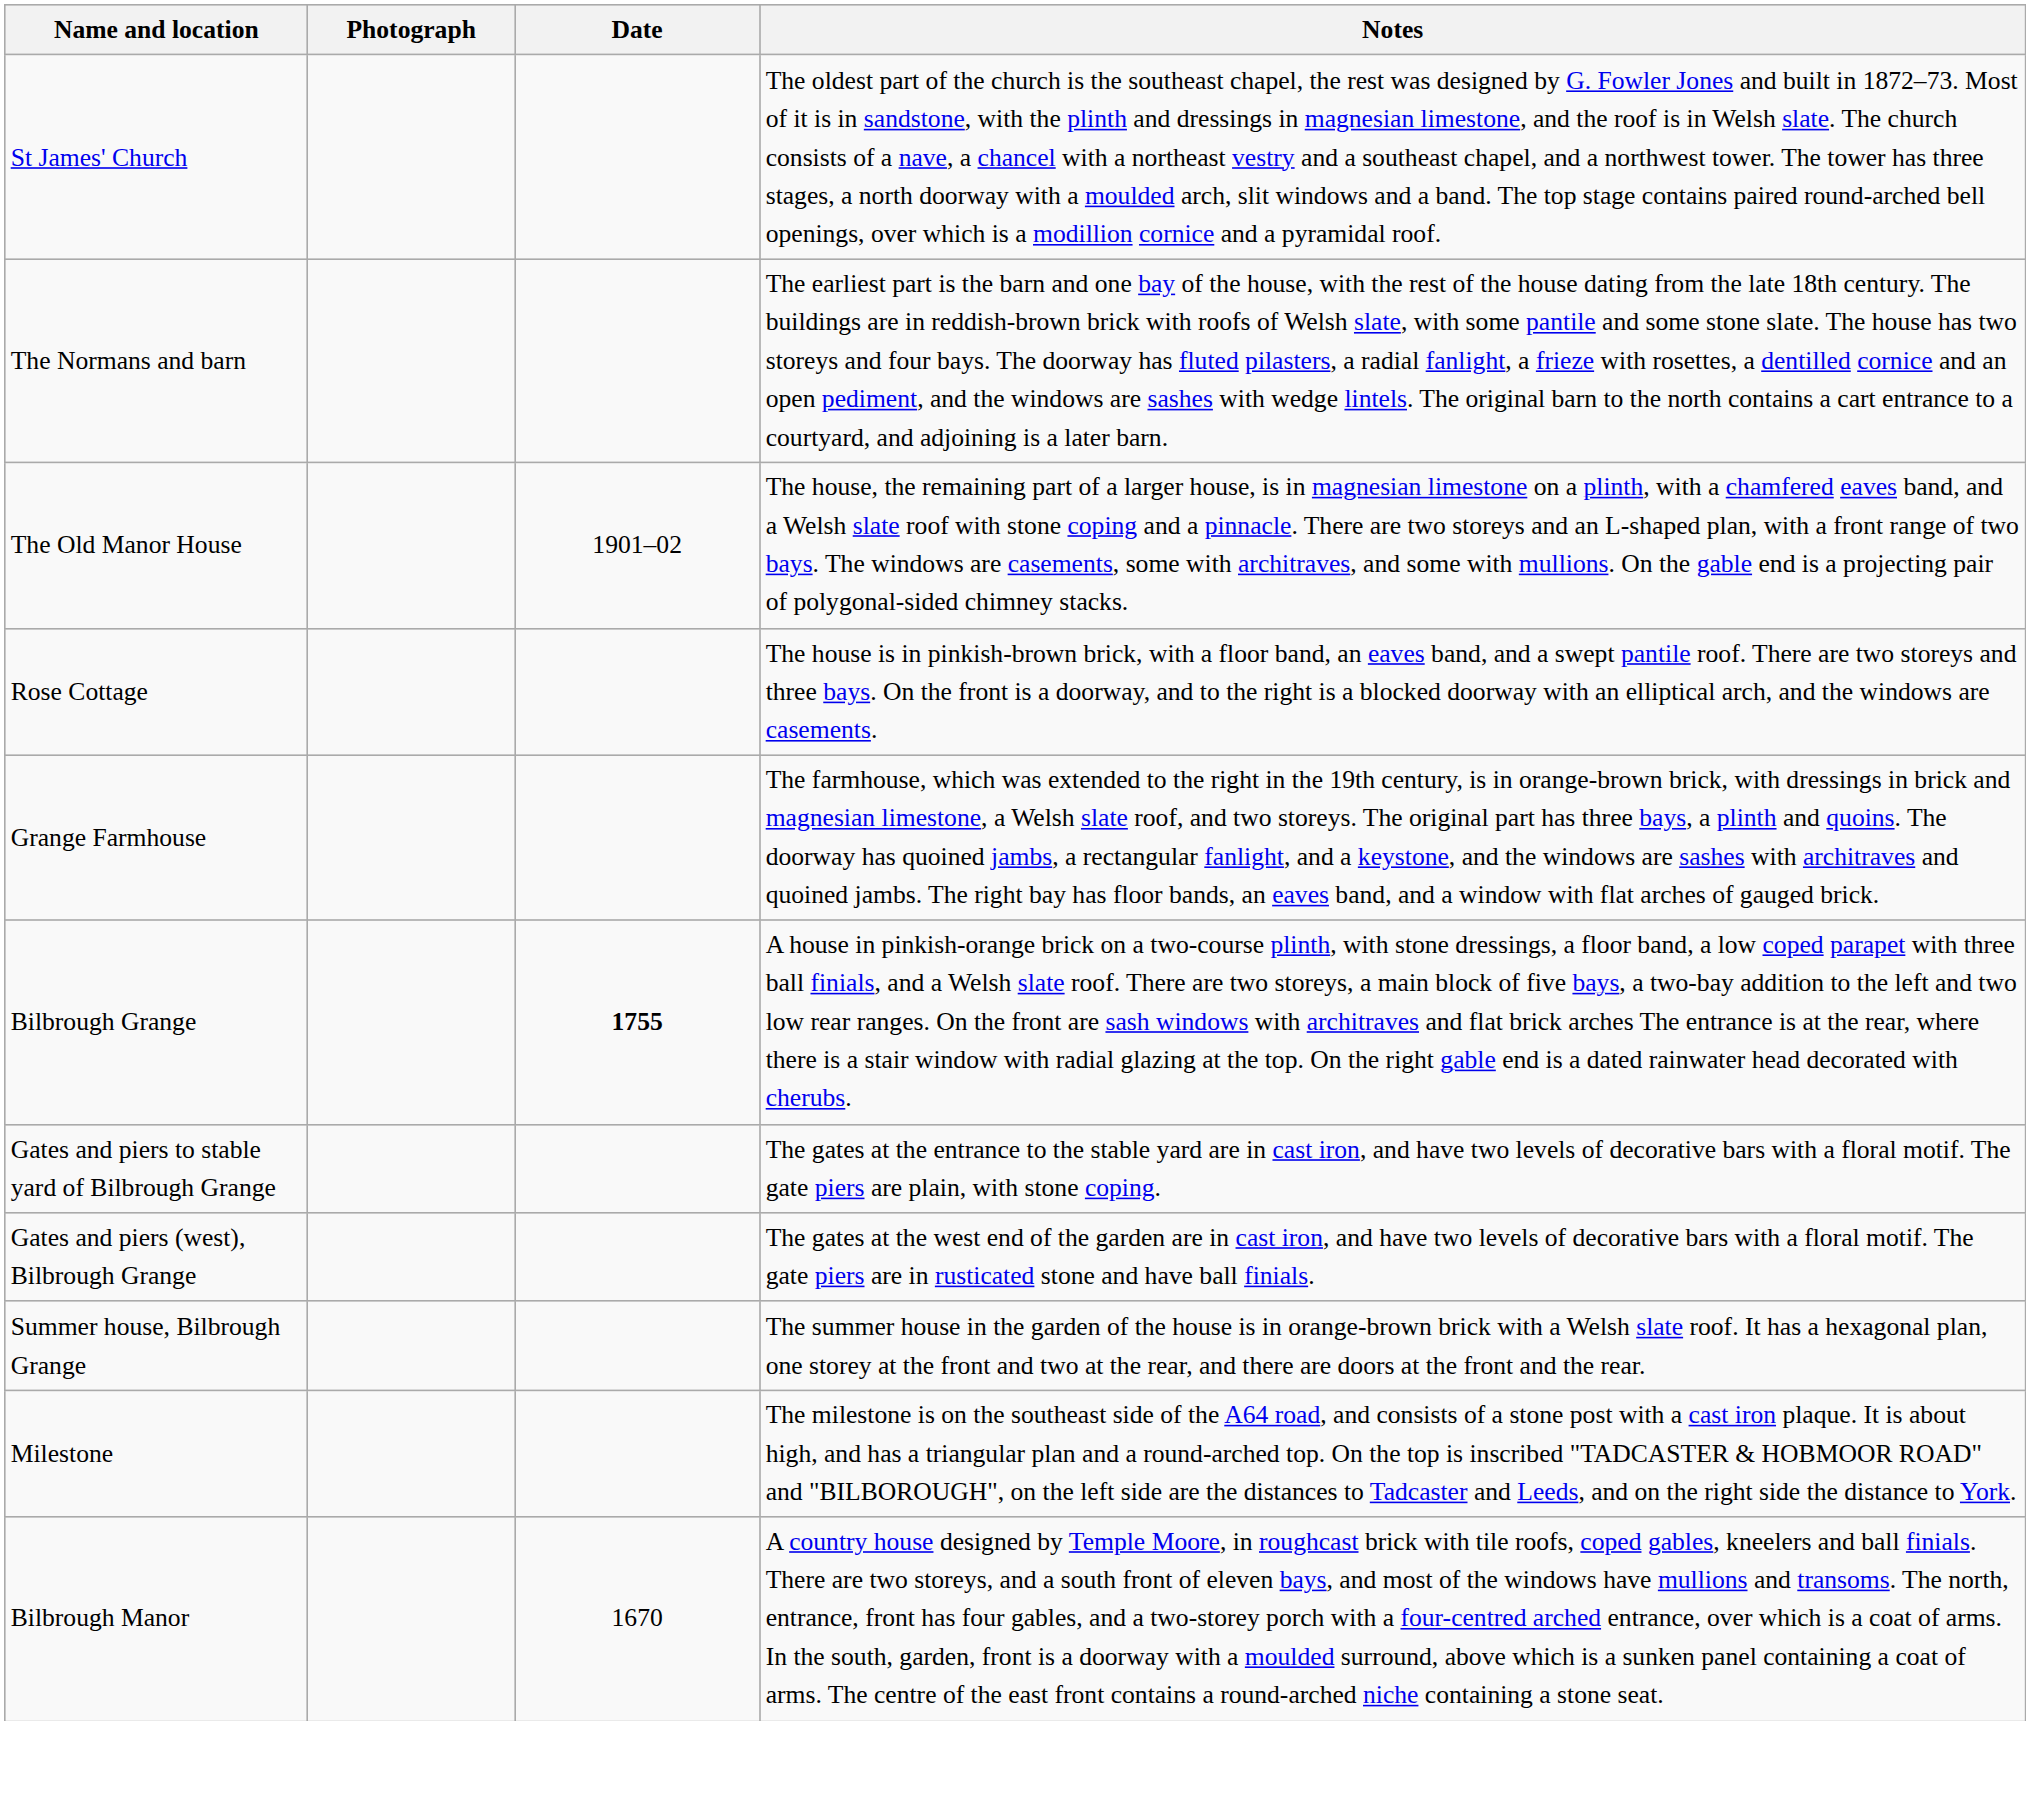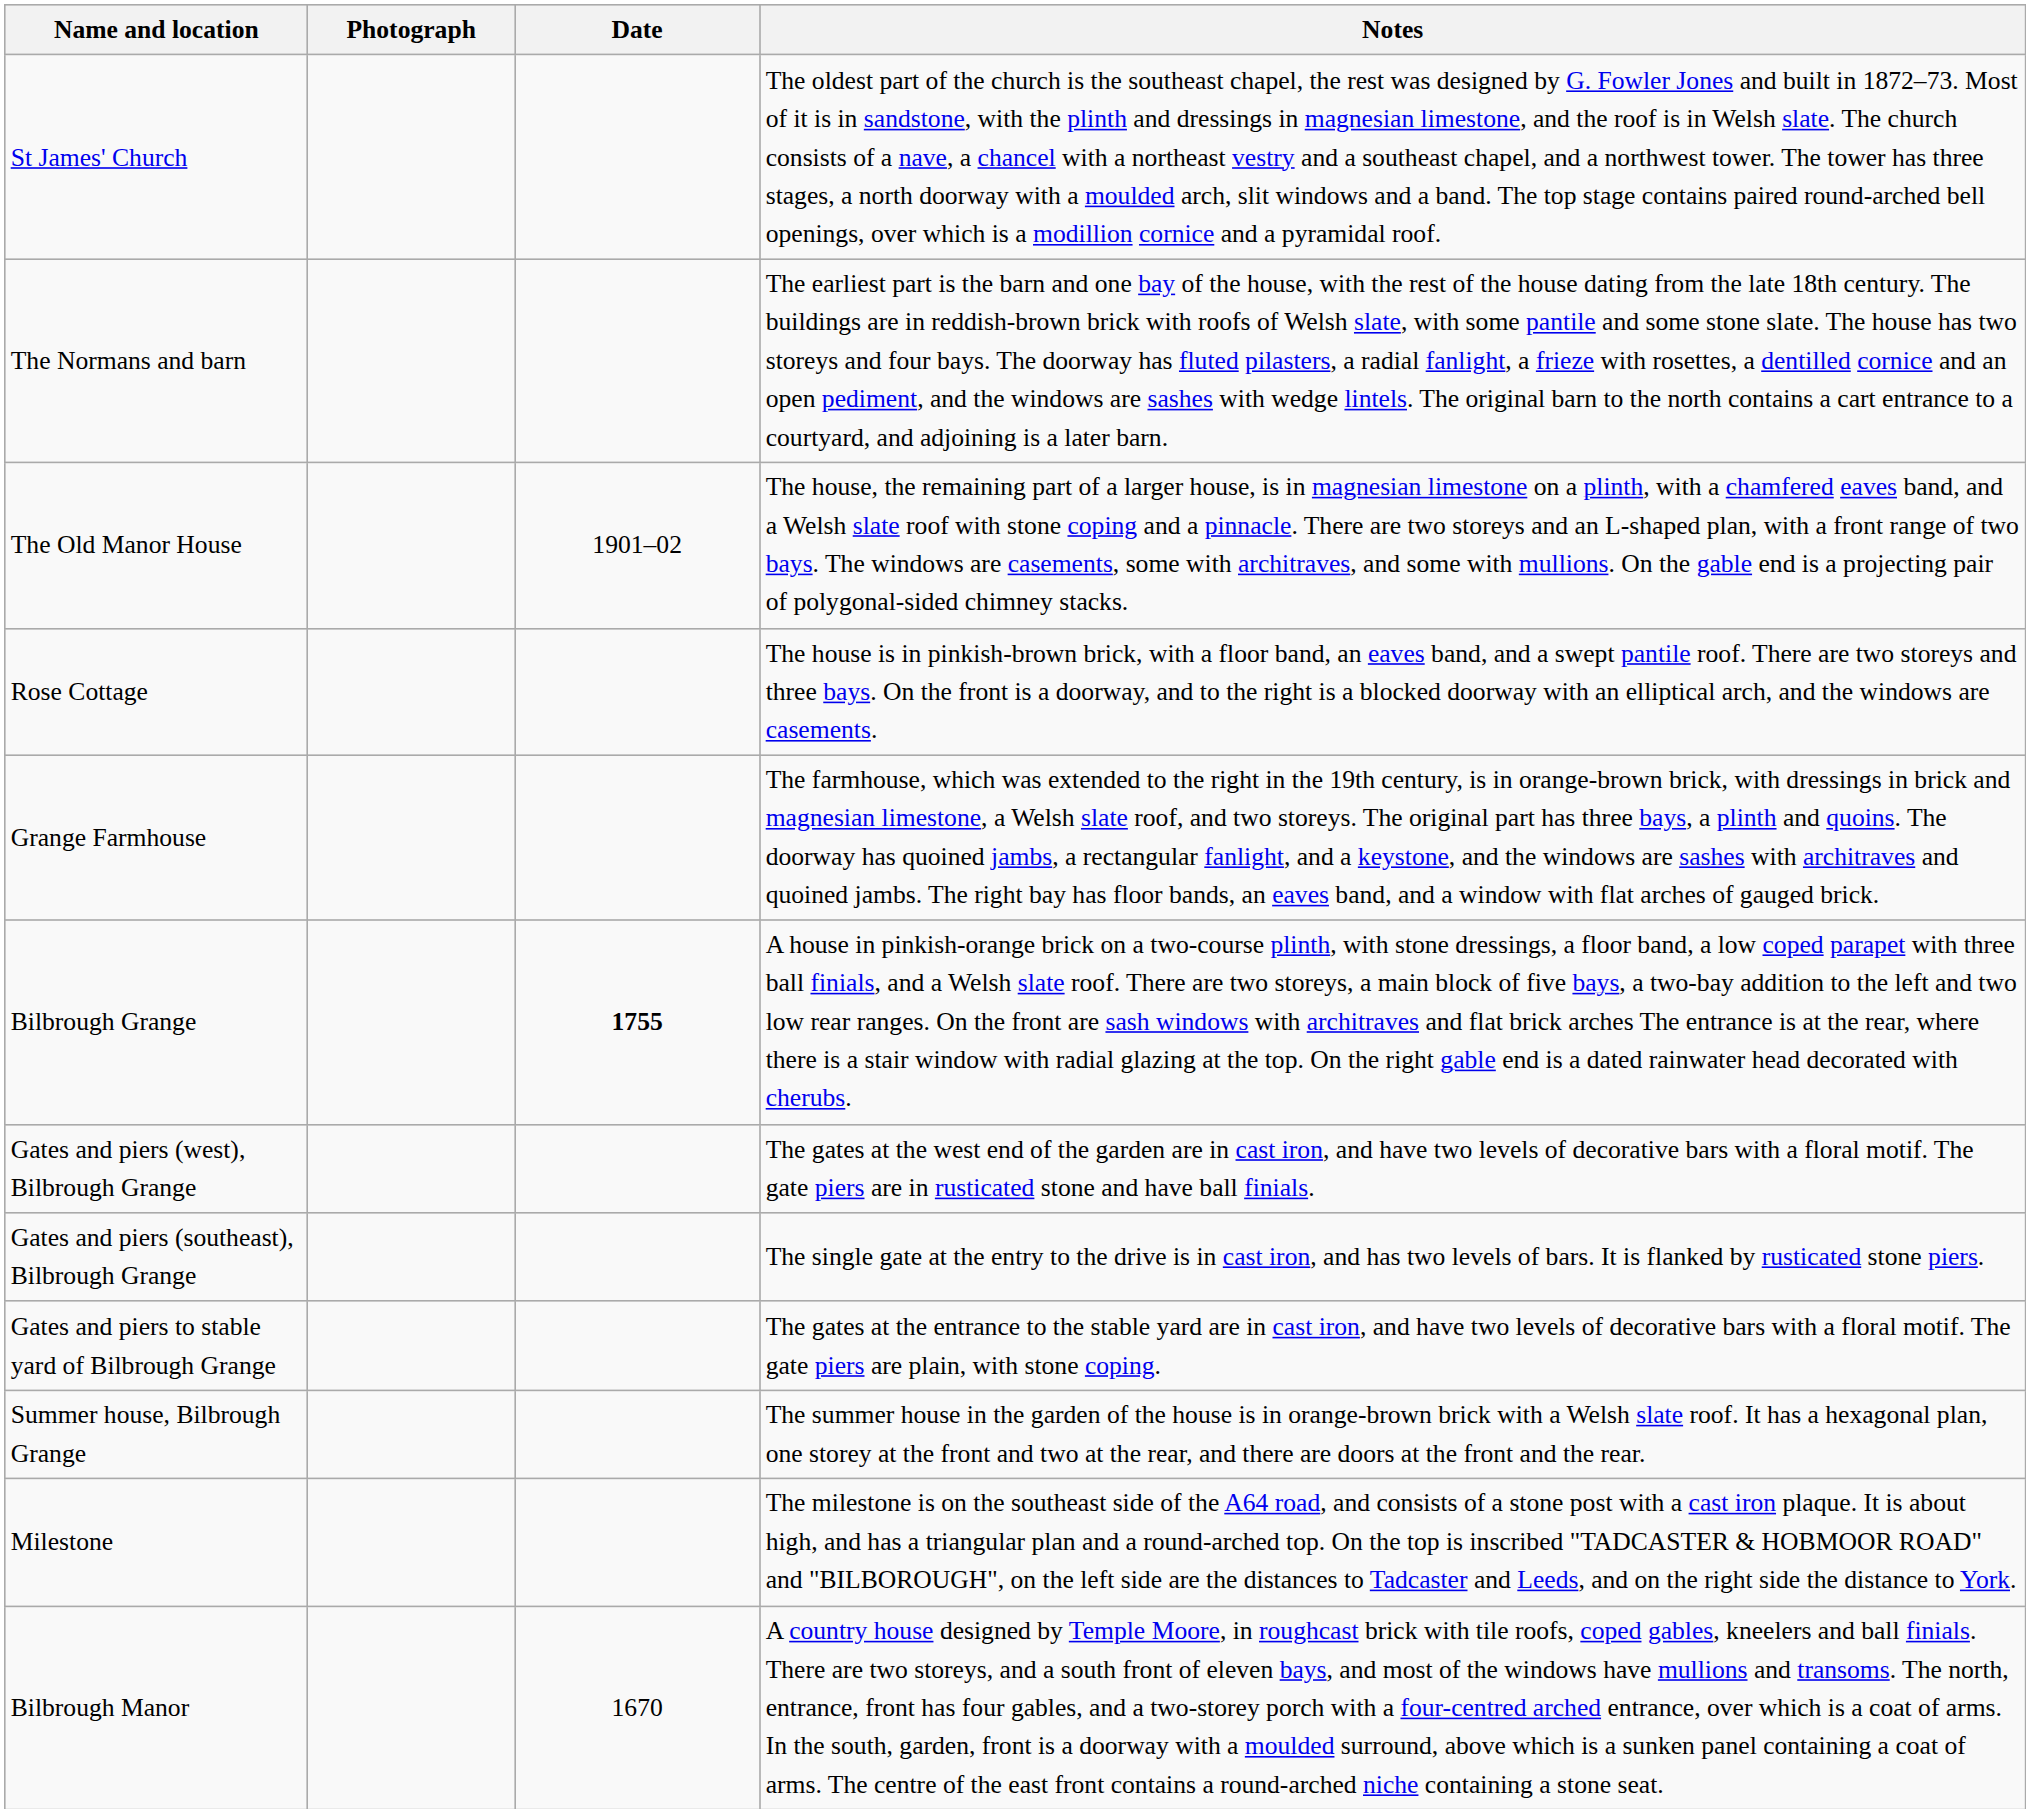 <table class="wikitable sortable plainrowheaders" style="width:100%;border:0px;text-align:left;line-height:150%;">
 <tr>
 <th scope="col"  style="width:150px">Name and location</th>
 <th scope="col"  style="width:100px" class="unsortable">Photograph</th>
 <th scope="col"  style="width:120px">Date</th>
 <th scope="col"  style="width:650px" class="unsortable">Notes</th>
 </tr>
 <tr>
 <td><a href='#'>St James' Church</a><br><small></small></td>
 <td></td>
 <td align="center"></td>
 <td>The oldest part of the church is the southeast chapel, the rest was designed by <a href='#'>G. Fowler Jones</a> and built in 1872–73.  Most of it is in <a href='#'>sandstone</a>, with the <a href='#'>plinth</a> and dressings in <a href='#'>magnesian limestone</a>, and the roof is in Welsh <a href='#'>slate</a>.  The church consists of a <a href='#'>nave</a>, a <a href='#'>chancel</a> with a northeast <a href='#'>vestry</a> and a southeast chapel, and a northwest tower.  The tower has three stages, a north doorway with a <a href='#'>moulded</a> arch, slit windows and a band.  The top stage contains paired round-arched bell openings, over which is a <a href='#'>modillion</a> <a href='#'>cornice</a> and a pyramidal roof.</td>
 </tr>
 <tr>
 <td>The Normans and barn<br><small></small></td>
 <td></td>
 <td align="center"></td>
 <td>The earliest part is the barn and one <a href='#'>bay</a> of the house, with the rest of the house dating from the late 18th century.  The buildings are in reddish-brown brick with roofs of Welsh <a href='#'>slate</a>, with some <a href='#'>pantile</a> and some stone slate.  The house has two storeys and four bays.  The doorway has <a href='#'>fluted</a> <a href='#'>pilasters</a>, a radial <a href='#'>fanlight</a>, a <a href='#'>frieze</a> with rosettes, a <a href='#'>dentilled</a> <a href='#'>cornice</a> and an open <a href='#'>pediment</a>, and the windows are <a href='#'>sashes</a> with wedge <a href='#'>lintels</a>.  The original barn to the north contains a cart entrance to a courtyard, and adjoining is a later barn.</td>
 </tr>
 <tr>
 <td>The Old Manor House<br><small></small></td>
 <td></td>
 <td align="center">1901–02</td>
 <td>The house, the remaining part of a larger house, is in <a href='#'>magnesian limestone</a> on a <a href='#'>plinth</a>, with a <a href='#'>chamfered</a> <a href='#'>eaves</a> band, and a Welsh <a href='#'>slate</a> roof with stone <a href='#'>coping</a> and a <a href='#'>pinnacle</a>.  There are two storeys and an L-shaped plan, with a front range of two <a href='#'>bays</a>.  The windows are <a href='#'>casements</a>, some with <a href='#'>architraves</a>, and some with <a href='#'>mullions</a>.  On the <a href='#'>gable</a> end is a projecting pair of polygonal-sided chimney stacks.</td>
 </tr>
 <tr>
 <td>Rose Cottage<br><small></small></td>
 <td></td>
 <td align="center"></td>
 <td>The house is in pinkish-brown brick, with a floor band, an <a href='#'>eaves</a> band, and a swept <a href='#'>pantile</a> roof.  There are two storeys and three <a href='#'>bays</a>.  On the front is a doorway, and to the right is a blocked doorway with an elliptical arch, and the windows are <a href='#'>casements</a>.</td>
 </tr>
 <tr>
 <td>Grange Farmhouse<br><small></small></td>
 <td></td>
 <td align="center"></td>
 <td>The farmhouse, which was extended to the right in the 19th century, is in orange-brown brick, with dressings in brick and <a href='#'>magnesian limestone</a>, a Welsh <a href='#'>slate</a> roof, and two storeys.  The original part has three <a href='#'>bays</a>, a <a href='#'>plinth</a> and <a href='#'>quoins</a>.  The doorway has quoined <a href='#'>jambs</a>, a rectangular <a href='#'>fanlight</a>, and a <a href='#'>keystone</a>, and the windows are <a href='#'>sashes</a> with <a href='#'>architraves</a> and quoined jambs.  The right bay has floor bands, an <a href='#'>eaves</a> band, and a window with flat arches of gauged brick.</td>
 </tr>
 <tr>
 <td>Bilbrough Grange<br><small></small></td>
 <td></td>
 <td align="center"><strong>1755</strong></td>
 <td>A house in pinkish-orange brick on a two-course <a href='#'>plinth</a>, with stone dressings, a floor band, a low <a href='#'>coped</a> <a href='#'>parapet</a> with three ball <a href='#'>finials</a>, and a Welsh <a href='#'>slate</a> roof.  There are two storeys, a main block of five <a href='#'>bays</a>, a two-bay addition to the left and two low rear ranges.  On the front are <a href='#'>sash windows</a> with <a href='#'>architraves</a> and flat brick arches  The entrance is at the rear, where there is a stair window with radial glazing at the top.  On the right <a href='#'>gable</a> end is a dated rainwater head decorated with <a href='#'>cherubs</a>.</td>
 </tr>
 <tr>
+<td>Gates and piers (west),<br>Bilbrough Grange<br><small></small></td>
+<td></td>
+<td align="center"></td>
+<td>The gates at the west end of the garden are in <a href='#'>cast iron</a>, and have two levels of decorative bars with a floral motif.  The gate <a href='#'>piers</a> are in <a href='#'>rusticated</a> stone and have ball <a href='#'>finials</a>.</td>
+</tr>
+<tr>
+<td>Gates and piers (southeast),<br>Bilbrough Grange<br><small></small></td>
+<td></td>
+<td align="center"></td>
+<td>The single gate at the entry to the drive is in <a href='#'>cast iron</a>, and has two levels of bars.  It is flanked by <a href='#'>rusticated</a> stone <a href='#'>piers</a>.</td>
+</tr>
+<tr>
 <td>Gates and piers to stable yard of Bilbrough Grange<br><small></small></td>
 <td></td>
 <td align="center"></td>
 <td>The gates at the entrance to the stable yard are in <a href='#'>cast iron</a>, and have two levels of decorative bars with a floral motif.  The gate <a href='#'>piers</a> are plain, with stone <a href='#'>coping</a>.</td>
-</tr>
-<tr>
-<td>Gates and piers (west),<br>Bilbrough Grange<br><small></small></td>
-<td></td>
-<td align="center"></td>
-<td>The gates at the west end of the garden are in <a href='#'>cast iron</a>, and have two levels of decorative bars with a floral motif.  The gate <a href='#'>piers</a> are in <a href='#'>rusticated</a> stone and have ball <a href='#'>finials</a>.</td>
 </tr>
 <tr>
 <td>Summer house, Bilbrough Grange<br><small></small></td>
 <td></td>
 <td align="center"></td>
 <td>The summer house in the garden of the house is in orange-brown brick with a Welsh <a href='#'>slate</a> roof.  It has a hexagonal plan, one storey at the front and two at the rear, and there are doors at the front and the rear.</td>
 </tr>
 <tr>
 <td>Milestone<br><small></small></td>
 <td></td>
 <td align="center"></td>
 <td>The milestone is on the southeast side of the <a href='#'>A64 road</a>, and consists of a stone post with a <a href='#'>cast iron</a> plaque.  It is about  high, and has a triangular plan and a round-arched top.  On the top is inscribed "TADCASTER & HOBMOOR ROAD" and "BILBOROUGH", on the left side are the distances to <a href='#'>Tadcaster</a> and <a href='#'>Leeds</a>, and on the right side the distance to <a href='#'>York</a>.</td>
 </tr>
 <tr>
 <td>Bilbrough Manor<br><small></small></td>
 <td></td>
 <td align="center">1670</td>
 <td>A <a href='#'>country house</a> designed by <a href='#'>Temple Moore</a>, in <a href='#'>roughcast</a> brick with tile roofs, <a href='#'>coped</a> <a href='#'>gables</a>, kneelers and ball <a href='#'>finials</a>.  There are two storeys, and a south front of eleven <a href='#'>bays</a>, and most of the windows have <a href='#'>mullions</a> and <a href='#'>transoms</a>.  The north, entrance, front has four gables, and a two-storey porch with a <a href='#'>four-centred arched</a> entrance, over which is a coat of arms.  In the south, garden, front is a doorway with a <a href='#'>moulded</a> surround, above which is a sunken panel containing a coat of arms.  The centre of the east front contains a round-arched <a href='#'>niche</a> containing a stone seat.</td>
 </tr>
 <tr>
 </tr>
 </table>
